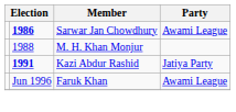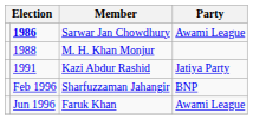 <table class="wikitable">
 <tr>
 <th colspan="2">Election</th>
 <th>Member</th>
 <th>Party</th>
 </tr>
 <tr>
 <td style="background-color:"></td>
 <td><strong><a href='#'>1986</a></strong></td>
 <td><a href='#'>Sarwar Jan Chowdhury</a></td>
 <td><a href='#'>Awami League</a></td>
 </tr>
 <tr>
 <td></td>
 <td><a href='#'>1988</a></td>
 <td><a href='#'>M. H. Khan Monjur</a></td>
 <td></td>
 </tr>
 <tr>
 <td style="background-color:"></td>
-<td><strong><a href='#'>1991</a></strong></td>
+<td><a href='#'>1991</a></td>
 <td><a href='#'>Kazi Abdur Rashid</a></td>
 <td><a href='#'>Jatiya Party</a></td>
+</tr>
+<tr>
+<td style="background-color:"></td>
+<td><a href='#'>Feb 1996</a></td>
+<td><a href='#'>Sharfuzzaman Jahangir</a></td>
+<td><a href='#'>BNP</a></td>
 </tr>
 <tr>
 <td style="background-color:"></td>
 <td><a href='#'>Jun 1996</a></td>
 <td><a href='#'>Faruk Khan</a></td>
 <td><a href='#'>Awami League</a></td>
 </tr>
 <tr>
 </tr>
 </table>
